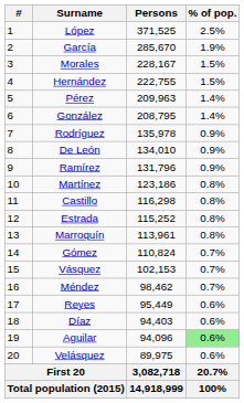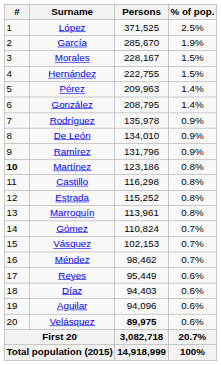 <table class="wikitable sortable" style="text-align: center">
 <tr>
 <th>#</th>
 <th>Surname</th>
 <th>Persons</th>
 <th>% of pop.</th>
 </tr>
 <tr>
 <td align="left">1</td>
 <td><a href='#'>López</a></td>
 <td>371,525</td>
 <td>2.5%</td>
 </tr>
 <tr>
 <td align="left">2</td>
 <td><a href='#'>García</a></td>
 <td>285,670</td>
 <td>1.9%</td>
 </tr>
 <tr>
 <td align="left">3</td>
 <td><a href='#'>Morales</a></td>
 <td>228,167</td>
 <td>1.5%</td>
 </tr>
 <tr>
 <td align="left">4</td>
 <td><a href='#'>Hernández</a></td>
 <td>222,755</td>
 <td>1.5%</td>
 </tr>
 <tr>
 <td align="left">5</td>
 <td><a href='#'>Pérez</a></td>
 <td>209,963</td>
 <td>1.4%</td>
 </tr>
 <tr>
 <td align="left">6</td>
 <td><a href='#'>González</a></td>
 <td>208,795</td>
 <td>1.4%</td>
 </tr>
 <tr>
 <td align="left">7</td>
 <td><a href='#'>Rodríguez</a></td>
 <td>135,978</td>
 <td>0.9%</td>
 </tr>
 <tr>
 <td align="left">8</td>
 <td><a href='#'>De León</a></td>
 <td>134,010</td>
 <td>0.9%</td>
 </tr>
 <tr>
 <td align="left">9</td>
 <td><a href='#'>Ramírez</a></td>
 <td>131,796</td>
 <td>0.9%</td>
 </tr>
 <tr>
-<td align="left">10</td>
+<td align="left"><strong>10</strong></td>
 <td><a href='#'>Martínez</a></td>
 <td>123,186</td>
 <td>0.8%</td>
 </tr>
 <tr>
 <td align="left">11</td>
 <td><a href='#'>Castillo</a></td>
 <td>116,298</td>
 <td>0.8%</td>
 </tr>
 <tr>
 <td align="left">12</td>
 <td><a href='#'>Estrada</a></td>
 <td>115,252</td>
 <td>0.8%</td>
 </tr>
 <tr>
 <td align="left">13</td>
 <td><a href='#'>Marroquín</a></td>
 <td>113,961</td>
 <td>0.8%</td>
 </tr>
 <tr>
 <td align="left">14</td>
 <td><a href='#'>Gómez</a></td>
 <td>110,824</td>
 <td>0.7%</td>
 </tr>
 <tr>
 <td align="left">15</td>
 <td><a href='#'>Vásquez</a></td>
 <td>102,153</td>
 <td>0.7%</td>
 </tr>
 <tr>
 <td align="left">16</td>
 <td><a href='#'>Méndez</a></td>
 <td>98,462</td>
 <td>0.7%</td>
 </tr>
 <tr>
 <td align="left">17</td>
 <td><a href='#'>Reyes</a></td>
 <td>95,449</td>
 <td>0.6%</td>
 </tr>
 <tr>
 <td align="left">18</td>
 <td><a href='#'>Díaz</a></td>
 <td>94,403</td>
 <td>0.6%</td>
 </tr>
 <tr>
 <td align="left">19</td>
 <td><a href='#'>Aguilar</a></td>
 <td>94,096</td>
-<td style="background: lightgreen;">0.6%</td>
+<td>0.6%</td>
 </tr>
 <tr>
 <td align="left">20</td>
 <td><a href='#'>Velásquez</a></td>
-<td>89,975</td>
+<td><strong>89,975</strong></td>
 <td>0.6%</td>
 </tr>
 <tr>
 <th colspan="2">First 20</th>
 <th>3,082,718</th>
 <th>20.7%</th>
 </tr>
 <tr>
 <th colspan="2">Total population (2015)</th>
 <th>14,918,999</th>
 <th>100%</th>
 </tr>
 </table>
